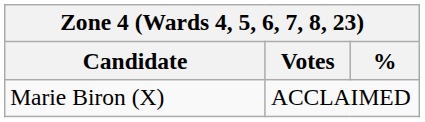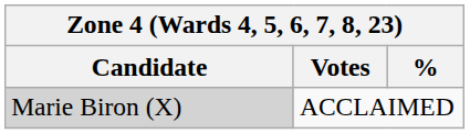 <table class="wikitable">
 <tr>
 <th colspan="3">Zone 4 (Wards 4, 5, 6, 7, 8, 23)</th>
 </tr>
 <tr>
 <th style="width: 170px">Candidate</th>
 <th style="width: 50px">Votes</th>
 <th style="width: 40px">%</th>
 </tr>
 <tr>
-<td>Marie Biron (X)</td>
+<td style="background: lightgrey;">Marie Biron (X)</td>
 <td colspan="2">ACCLAIMED</td>
 </tr>
 </table>
